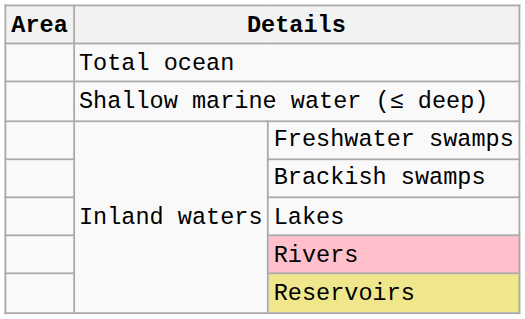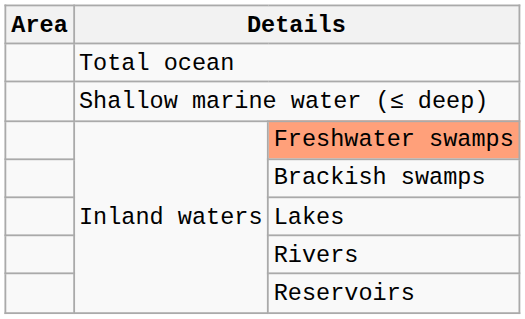 <table class="wikitable" style="float: right;">
 <tr>
 <th>Area</th>
 <th colspan="2">Details</th>
 </tr>
 <tr>
 <td></td>
 <td colspan="2">Total ocean</td>
 </tr>
 <tr>
 <td></td>
 <td colspan="2">Shallow marine water (≤  deep)</td>
 </tr>
 <tr>
 <td></td>
 <td rowspan="5">Inland waters</td>
-<td>Freshwater swamps</td>
+<td style="background: lightsalmon;">Freshwater swamps</td>
 </tr>
 <tr>
 <td></td>
 <td>Brackish swamps</td>
 </tr>
 <tr>
 <td></td>
 <td>Lakes</td>
 </tr>
 <tr>
 <td></td>
-<td style="background: pink;">Rivers</td>
+<td>Rivers</td>
 </tr>
 <tr>
 <td></td>
-<td style="background: khaki;">Reservoirs</td>
+<td>Reservoirs</td>
 </tr>
 </table>
